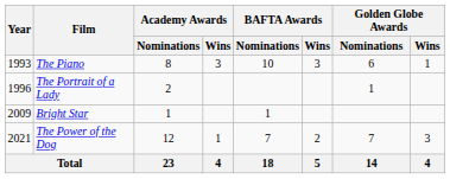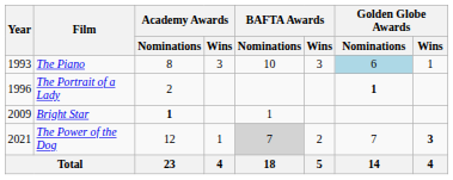 <table class="wikitable sortable">
 <tr>
 <th rowspan="2">Year</th>
 <th rowspan="2">Film</th>
 <th colspan="2" style="text-align:center;">Academy Awards</th>
 <th colspan="2" style="text-align:center;">BAFTA Awards</th>
 <th colspan="2" style="text-align:center;">Golden Globe Awards</th>
 </tr>
 <tr>
 <th>Nominations</th>
 <th>Wins</th>
 <th>Nominations</th>
 <th>Wins</th>
 <th>Nominations</th>
 <th>Wins</th>
 </tr>
 <tr>
 <td>1993</td>
 <td><em><a href='#'>The Piano</a></em></td>
 <td align=center>8</td>
 <td align=center>3</td>
 <td align=center>10</td>
 <td align=center>3</td>
-<td align=center>6</td>
+<td align=center style="background: lightblue;">6</td>
 <td align=center>1</td>
 </tr>
 <tr>
 <td>1996</td>
 <td><em><a href='#'>The Portrait of a Lady</a></em></td>
 <td align=center>2</td>
 <td></td>
 <td></td>
 <td></td>
-<td align=center>1</td>
+<td align=center><strong>1</strong></td>
 <td></td>
 </tr>
 <tr>
 <td>2009</td>
 <td><em><a href='#'>Bright Star</a></em></td>
-<td align=center>1</td>
+<td align=center><strong>1</strong></td>
 <td></td>
 <td align=center>1</td>
 <td></td>
 <td></td>
 <td></td>
 </tr>
 <tr>
 <td>2021</td>
 <td><em><a href='#'>The Power of the Dog</a></em></td>
 <td align=center>12</td>
 <td align=center>1</td>
-<td align=center>7</td>
+<td align=center style="background: lightgrey;">7</td>
 <td align=center>2</td>
 <td align=center>7</td>
-<td align=center>3</td>
+<td align=center><strong>3</strong></td>
 </tr>
 <tr>
 <th colspan="2"><strong>Total</strong></th>
 <th align=center>23</th>
 <th align=center>4</th>
 <th align=center>18</th>
 <th align=center>5</th>
 <th align=center>14</th>
 <th align=center>4</th>
 </tr>
 </table>
